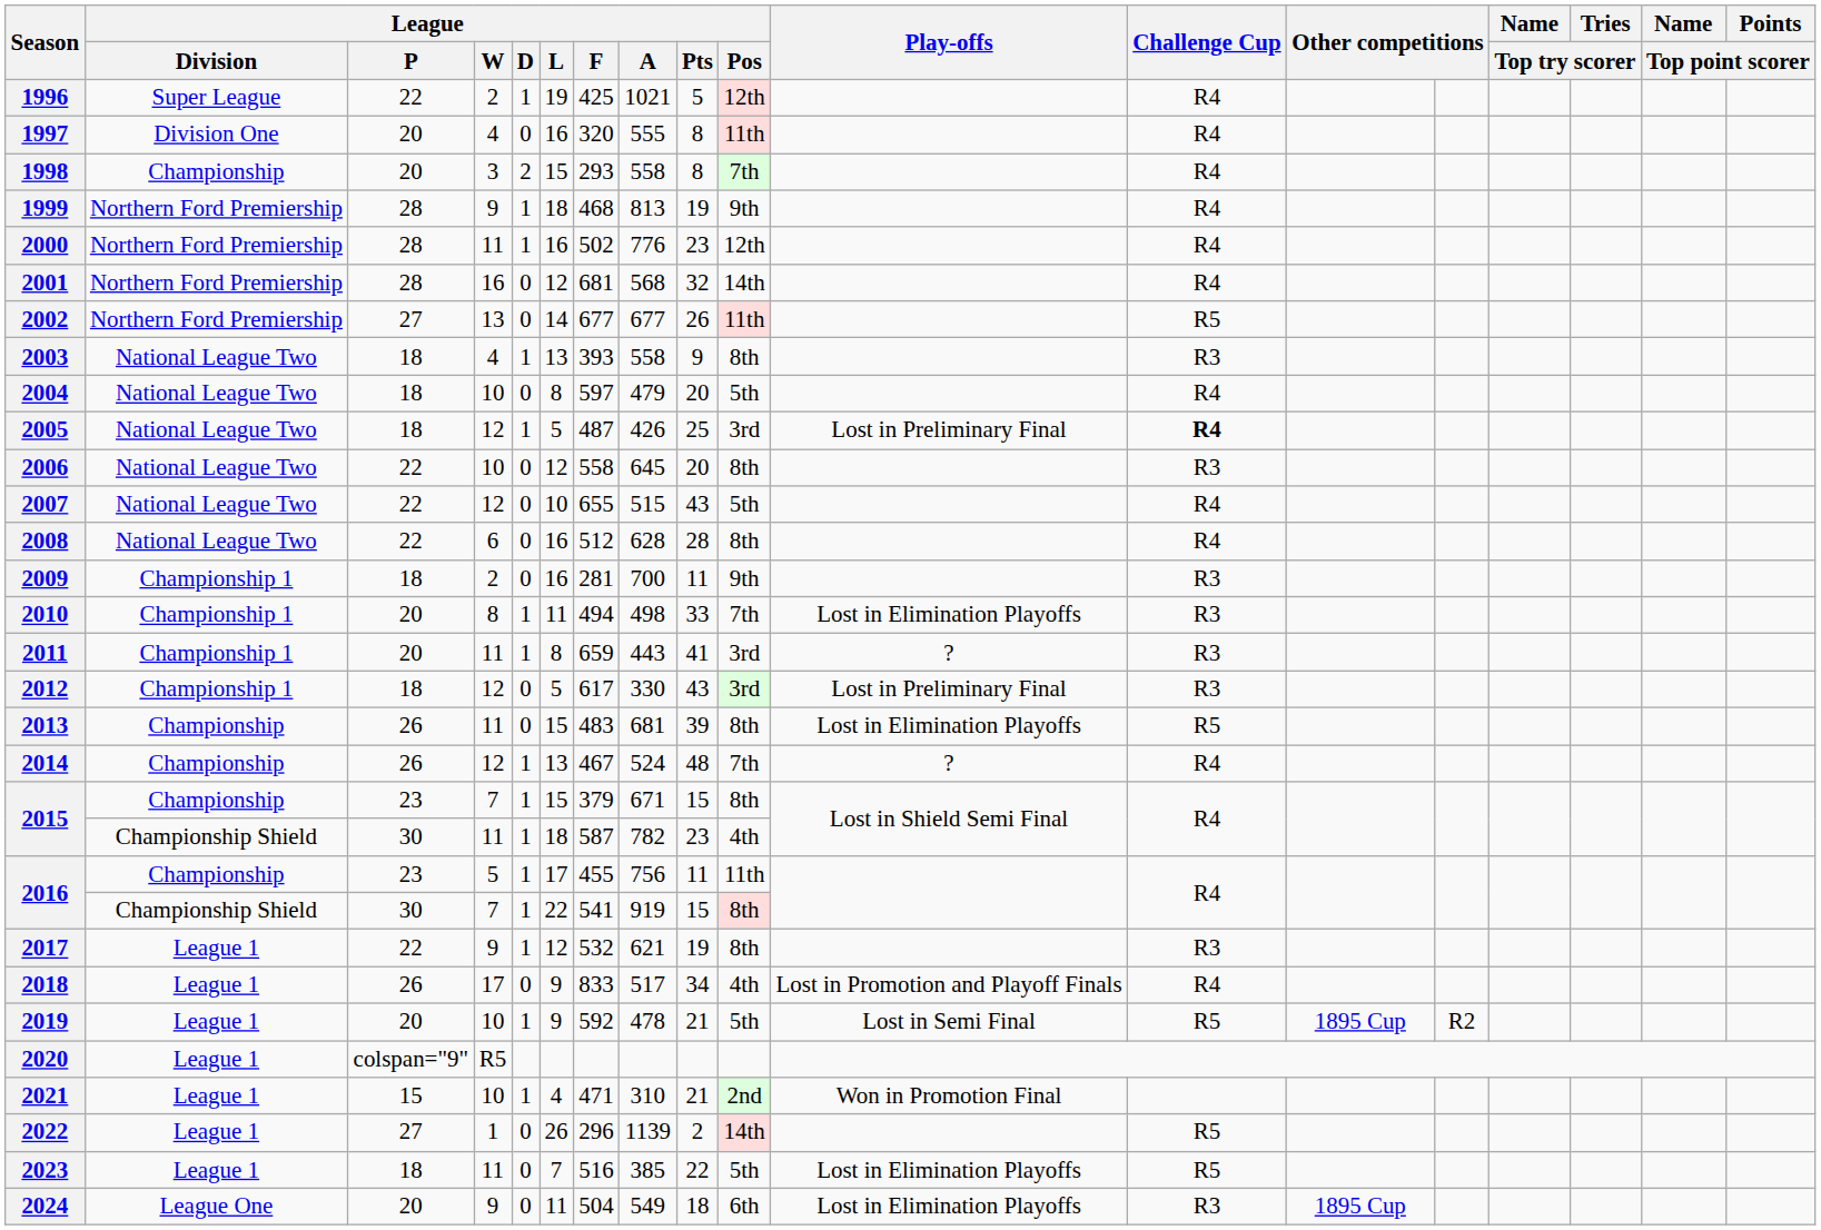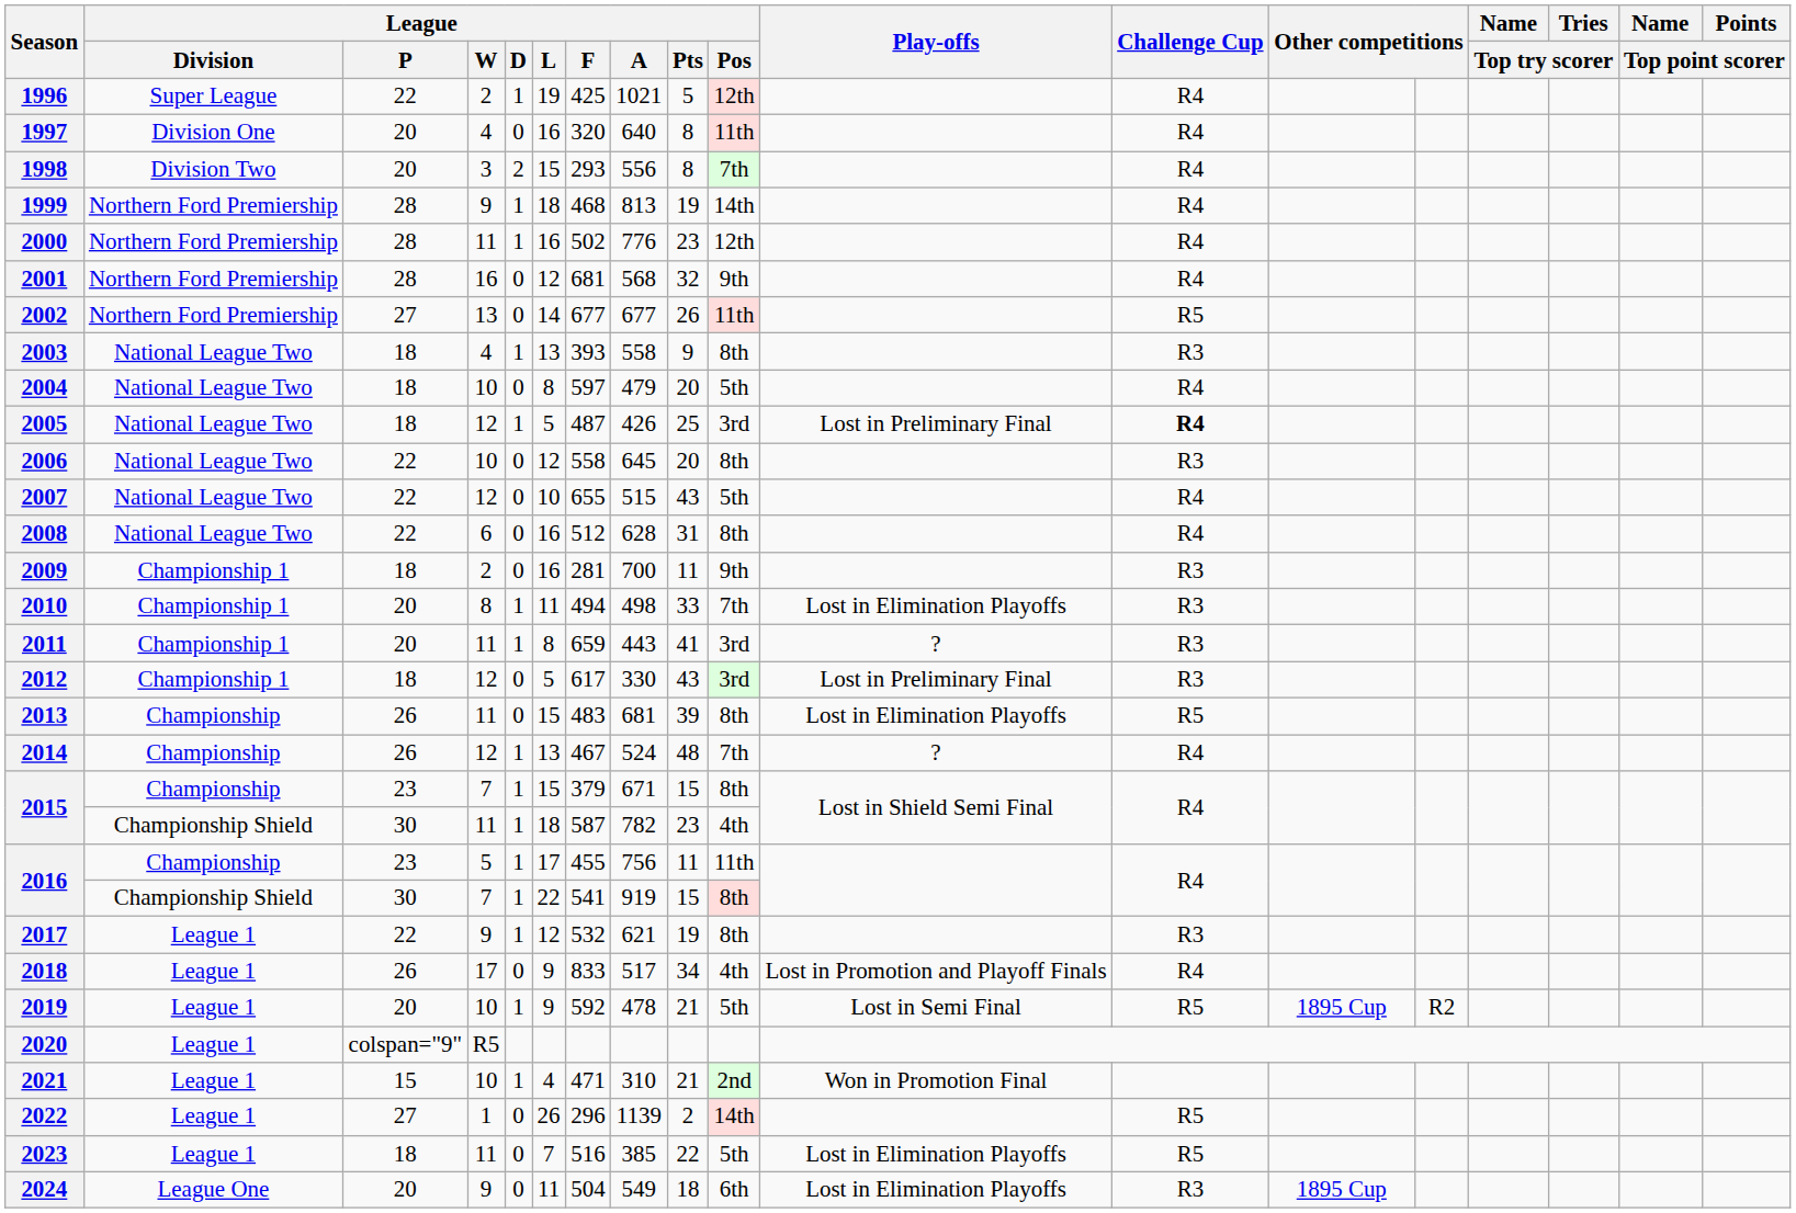 <table class="wikitable" style="text-align: center">
 <tr>
 <th rowspan="2" scope="col">Season</th>
 <th colspan="9" scope="col">League</th>
 <th rowspan="2" scope="col"><a href='#'>Play-offs</a></th>
 <th rowspan="2" scope="col"><a href='#'>Challenge Cup</a></th>
 <th colspan="2" rowspan="2" scope="col">Other competitions</th>
 <th scope="col">Name</th>
 <th scope="col">Tries</th>
 <th scope="col">Name</th>
 <th scope="col">Points</th>
 </tr>
 <tr>
 <th scope="col">Division</th>
 <th scope="col">P</th>
 <th scope="col">W</th>
 <th scope="col">D</th>
 <th scope="col">L</th>
 <th scope="col">F</th>
 <th scope="col">A</th>
 <th scope="col">Pts</th>
 <th scope="col">Pos</th>
 <th colspan="2" scope="col">Top try scorer</th>
 <th colspan="2" scope="col">Top point scorer</th>
 </tr>
 <tr>
 <th scope="row"><a href='#'>1996</a></th>
 <td><a href='#'>Super League</a></td>
 <td>22</td>
 <td>2</td>
 <td>1</td>
 <td>19</td>
 <td>425</td>
 <td>1021</td>
 <td>5</td>
 <td style="background:#ffdddd;">12th</td>
 <td></td>
 <td>R4</td>
 <td></td>
 <td></td>
 <td></td>
 <td></td>
 <td></td>
 <td></td>
 </tr>
 <tr>
 <th scope="row"><a href='#'>1997</a></th>
 <td><a href='#'>Division One</a></td>
 <td>20</td>
 <td>4</td>
 <td>0</td>
 <td>16</td>
 <td>320</td>
-<td>555</td>
+<td>640</td>
 <td>8</td>
 <td style="background:#ffdddd;">11th</td>
 <td></td>
 <td>R4</td>
 <td></td>
 <td></td>
 <td></td>
 <td></td>
 <td></td>
 <td></td>
 </tr>
 <tr>
 <th scope="row"><a href='#'>1998</a></th>
-<td><a href='#'>Championship</a></td>
+<td><a href='#'>Division Two</a></td>
 <td>20</td>
 <td>3</td>
 <td>2</td>
 <td>15</td>
 <td>293</td>
-<td>558</td>
+<td>556</td>
 <td>8</td>
 <td style="background:#ddffdd;">7th</td>
 <td></td>
 <td>R4</td>
 <td></td>
 <td></td>
 <td></td>
 <td></td>
 <td></td>
 <td></td>
 </tr>
 <tr>
 <th scope="row"><a href='#'>1999</a></th>
 <td><a href='#'>Northern Ford Premiership</a></td>
 <td>28</td>
 <td>9</td>
 <td>1</td>
 <td>18</td>
 <td>468</td>
 <td>813</td>
 <td>19</td>
-<td>9th</td>
+<td>14th</td>
 <td></td>
 <td>R4</td>
 <td></td>
 <td></td>
 <td></td>
 <td></td>
 <td></td>
 <td></td>
 </tr>
 <tr>
 <th scope="row"><a href='#'>2000</a></th>
 <td><a href='#'>Northern Ford Premiership</a></td>
 <td>28</td>
 <td>11</td>
 <td>1</td>
 <td>16</td>
 <td>502</td>
 <td>776</td>
 <td>23</td>
 <td>12th</td>
 <td></td>
 <td>R4</td>
 <td></td>
 <td></td>
 <td></td>
 <td></td>
 <td></td>
 <td></td>
 </tr>
 <tr>
 <th scope="row"><a href='#'>2001</a></th>
 <td><a href='#'>Northern Ford Premiership</a></td>
 <td>28</td>
 <td>16</td>
 <td>0</td>
 <td>12</td>
 <td>681</td>
 <td>568</td>
 <td>32</td>
-<td>14th</td>
+<td>9th</td>
 <td></td>
 <td>R4</td>
 <td></td>
 <td></td>
 <td></td>
 <td></td>
 <td></td>
 <td></td>
 </tr>
 <tr>
 <th scope="row"><a href='#'>2002</a></th>
 <td><a href='#'>Northern Ford Premiership</a></td>
 <td>27</td>
 <td>13</td>
 <td>0</td>
 <td>14</td>
 <td>677</td>
 <td>677</td>
 <td>26</td>
 <td style="background:#ffdddd;">11th</td>
 <td></td>
 <td>R5</td>
 <td></td>
 <td></td>
 <td></td>
 <td></td>
 <td></td>
 <td></td>
 </tr>
 <tr>
 <th scope="row"><a href='#'>2003</a></th>
 <td><a href='#'>National League Two</a></td>
 <td>18</td>
 <td>4</td>
 <td>1</td>
 <td>13</td>
 <td>393</td>
 <td>558</td>
 <td>9</td>
 <td>8th</td>
 <td></td>
 <td>R3</td>
 <td></td>
 <td></td>
 <td></td>
 <td></td>
 <td></td>
 <td></td>
 </tr>
 <tr>
 <th scope="row"><a href='#'>2004</a></th>
 <td><a href='#'>National League Two</a></td>
 <td>18</td>
 <td>10</td>
 <td>0</td>
 <td>8</td>
 <td>597</td>
 <td>479</td>
 <td>20</td>
 <td>5th</td>
 <td></td>
 <td>R4</td>
 <td></td>
 <td></td>
 <td></td>
 <td></td>
 <td></td>
 <td></td>
 </tr>
 <tr>
 <th scope="row"><a href='#'>2005</a></th>
 <td><a href='#'>National League Two</a></td>
 <td>18</td>
 <td>12</td>
 <td>1</td>
 <td>5</td>
 <td>487</td>
 <td>426</td>
 <td>25</td>
 <td>3rd</td>
 <td>Lost in Preliminary Final</td>
 <td><strong>R4</strong></td>
 <td></td>
 <td></td>
 <td></td>
 <td></td>
 <td></td>
 <td></td>
 </tr>
 <tr>
 <th scope="row"><a href='#'>2006</a></th>
 <td><a href='#'>National League Two</a></td>
 <td>22</td>
 <td>10</td>
 <td>0</td>
 <td>12</td>
 <td>558</td>
 <td>645</td>
 <td>20</td>
 <td>8th</td>
 <td></td>
 <td>R3</td>
 <td></td>
 <td></td>
 <td></td>
 <td></td>
 <td></td>
 <td></td>
 </tr>
 <tr>
 <th scope="row"><a href='#'>2007</a></th>
 <td><a href='#'>National League Two</a></td>
 <td>22</td>
 <td>12</td>
 <td>0</td>
 <td>10</td>
 <td>655</td>
 <td>515</td>
 <td>43</td>
 <td>5th</td>
 <td></td>
 <td>R4</td>
 <td></td>
 <td></td>
 <td></td>
 <td></td>
 <td></td>
 <td></td>
 </tr>
 <tr>
 <th scope="row"><a href='#'>2008</a></th>
 <td><a href='#'>National League Two</a></td>
 <td>22</td>
 <td>6</td>
 <td>0</td>
 <td>16</td>
 <td>512</td>
 <td>628</td>
-<td>28</td>
+<td>31</td>
 <td>8th</td>
 <td></td>
 <td>R4</td>
 <td></td>
 <td></td>
 <td></td>
 <td></td>
 <td></td>
 <td></td>
 </tr>
 <tr>
 <th scope="row"><a href='#'>2009</a></th>
 <td><a href='#'>Championship 1</a></td>
 <td>18</td>
 <td>2</td>
 <td>0</td>
 <td>16</td>
 <td>281</td>
 <td>700</td>
 <td>11</td>
 <td>9th</td>
 <td></td>
 <td>R3</td>
 <td></td>
 <td></td>
 <td></td>
 <td></td>
 <td></td>
 <td></td>
 </tr>
 <tr>
 <th scope="row"><a href='#'>2010</a></th>
 <td><a href='#'>Championship 1</a></td>
 <td>20</td>
 <td>8</td>
 <td>1</td>
 <td>11</td>
 <td>494</td>
 <td>498</td>
 <td>33</td>
 <td>7th</td>
 <td>Lost in Elimination Playoffs</td>
 <td>R3</td>
 <td></td>
 <td></td>
 <td></td>
 <td></td>
 <td></td>
 <td></td>
 </tr>
 <tr>
 <th scope="row"><a href='#'>2011</a></th>
 <td><a href='#'>Championship 1</a></td>
 <td>20</td>
 <td>11</td>
 <td>1</td>
 <td>8</td>
 <td>659</td>
 <td>443</td>
 <td>41</td>
 <td>3rd</td>
 <td>?</td>
 <td>R3</td>
 <td></td>
 <td></td>
 <td></td>
 <td></td>
 <td></td>
 <td></td>
 </tr>
 <tr>
 <th scope="row"><a href='#'>2012</a></th>
 <td><a href='#'>Championship 1</a></td>
 <td>18</td>
 <td>12</td>
 <td>0</td>
 <td>5</td>
 <td>617</td>
 <td>330</td>
 <td>43</td>
 <td style="background:#ddffdd;">3rd</td>
 <td>Lost in Preliminary Final</td>
 <td>R3</td>
 <td></td>
 <td></td>
 <td></td>
 <td></td>
 <td></td>
 <td></td>
 </tr>
 <tr>
 <th scope="row"><a href='#'>2013</a></th>
 <td><a href='#'>Championship</a></td>
 <td>26</td>
 <td>11</td>
 <td>0</td>
 <td>15</td>
 <td>483</td>
 <td>681</td>
 <td>39</td>
 <td>8th</td>
 <td>Lost in Elimination Playoffs</td>
 <td>R5</td>
 <td></td>
 <td></td>
 <td></td>
 <td></td>
 <td></td>
 <td></td>
 </tr>
 <tr>
 <th scope="row"><a href='#'>2014</a></th>
 <td><a href='#'>Championship</a></td>
 <td>26</td>
 <td>12</td>
 <td>1</td>
 <td>13</td>
 <td>467</td>
 <td>524</td>
 <td>48</td>
 <td>7th</td>
 <td>?</td>
 <td>R4</td>
 <td></td>
 <td></td>
 <td></td>
 <td></td>
 <td></td>
 <td></td>
 </tr>
 <tr>
 <th scope="row" rowspan="2"><a href='#'>2015</a></th>
 <td><a href='#'>Championship</a></td>
 <td>23</td>
 <td>7</td>
 <td>1</td>
 <td>15</td>
 <td>379</td>
 <td>671</td>
 <td>15</td>
 <td>8th</td>
 <td rowspan="2">Lost in Shield Semi Final</td>
 <td rowspan="2">R4</td>
 <td rowspan="2"></td>
 <td rowspan="2"></td>
 <td rowspan="2"></td>
 <td rowspan="2"></td>
 <td rowspan="2"></td>
 <td rowspan="2"></td>
 </tr>
 <tr>
 <td>Championship Shield</td>
 <td>30</td>
 <td>11</td>
 <td>1</td>
 <td>18</td>
 <td>587</td>
 <td>782</td>
 <td>23</td>
 <td>4th</td>
 </tr>
 <tr>
 <th scope="row" rowspan="2"><a href='#'>2016</a></th>
 <td><a href='#'>Championship</a></td>
 <td>23</td>
 <td>5</td>
 <td>1</td>
 <td>17</td>
 <td>455</td>
 <td>756</td>
 <td>11</td>
 <td>11th</td>
 <td rowspan="2"></td>
 <td rowspan="2">R4</td>
 <td rowspan="2"></td>
 <td rowspan="2"></td>
 <td rowspan="2"></td>
 <td rowspan="2"></td>
 <td rowspan="2"></td>
 <td rowspan="2"></td>
 </tr>
 <tr>
 <td>Championship Shield</td>
 <td>30</td>
 <td>7</td>
 <td>1</td>
 <td>22</td>
 <td>541</td>
 <td>919</td>
 <td>15</td>
 <td style="background:#ffdddd;">8th</td>
 </tr>
 <tr>
 <th scope="row"><a href='#'>2017</a></th>
 <td><a href='#'>League 1</a></td>
 <td>22</td>
 <td>9</td>
 <td>1</td>
 <td>12</td>
 <td>532</td>
 <td>621</td>
 <td>19</td>
 <td>8th</td>
 <td></td>
 <td>R3</td>
 <td></td>
 <td></td>
 <td></td>
 <td></td>
 <td></td>
 <td></td>
 </tr>
 <tr>
 <th scope="row"><a href='#'>2018</a></th>
 <td><a href='#'>League 1</a></td>
 <td>26</td>
 <td>17</td>
 <td>0</td>
 <td>9</td>
 <td>833</td>
 <td>517</td>
 <td>34</td>
 <td>4th</td>
 <td>Lost in Promotion and Playoff Finals</td>
 <td>R4</td>
 <td></td>
 <td></td>
 <td></td>
 <td></td>
 <td></td>
 <td></td>
 </tr>
 <tr>
 <th scope="row"><a href='#'>2019</a></th>
 <td><a href='#'>League 1</a></td>
 <td>20</td>
 <td>10</td>
 <td>1</td>
 <td>9</td>
 <td>592</td>
 <td>478</td>
 <td>21</td>
 <td>5th</td>
 <td>Lost in Semi Final</td>
 <td>R5</td>
 <td><a href='#'>1895 Cup</a></td>
 <td>R2</td>
 <td></td>
 <td></td>
 <td></td>
 <td></td>
 </tr>
 <tr>
 <th scope="row"><a href='#'>2020</a></th>
 <td><a href='#'>League 1</a></td>
 <td>colspan="9"</td>
 <td>R5</td>
 <td></td>
 <td></td>
 <td></td>
 <td></td>
 <td></td>
 <td></td>
 </tr>
 <tr>
 <th scope="row"><a href='#'>2021</a></th>
 <td><a href='#'>League 1</a></td>
 <td>15</td>
 <td>10</td>
 <td>1</td>
 <td>4</td>
 <td>471</td>
 <td>310</td>
 <td>21</td>
 <td style="background:#ddffdd;">2nd</td>
 <td>Won in Promotion Final</td>
 <td></td>
 <td></td>
 <td></td>
 <td></td>
 <td></td>
 <td></td>
 <td></td>
 </tr>
 <tr>
 <th scope="row"><a href='#'>2022</a></th>
 <td><a href='#'>League 1</a></td>
 <td>27</td>
 <td>1</td>
 <td>0</td>
 <td>26</td>
 <td>296</td>
 <td>1139</td>
 <td>2</td>
 <td style="background:#ffdddd;">14th</td>
 <td></td>
 <td>R5</td>
 <td></td>
 <td></td>
 <td></td>
 <td></td>
 <td></td>
 <td></td>
 </tr>
 <tr>
 <th scope="row"><a href='#'>2023</a></th>
 <td><a href='#'>League 1</a></td>
 <td>18</td>
 <td>11</td>
 <td>0</td>
 <td>7</td>
 <td>516</td>
 <td>385</td>
 <td>22</td>
 <td>5th</td>
 <td>Lost in Elimination Playoffs</td>
 <td>R5</td>
 <td></td>
 <td></td>
 <td></td>
 <td></td>
 <td></td>
 <td></td>
 </tr>
 <tr>
 <th scope="row"><a href='#'>2024</a></th>
 <td><a href='#'>League One</a></td>
 <td>20</td>
 <td>9</td>
 <td>0</td>
 <td>11</td>
 <td>504</td>
 <td>549</td>
 <td>18</td>
 <td>6th</td>
 <td>Lost in Elimination Playoffs</td>
 <td>R3</td>
 <td><a href='#'>1895 Cup</a></td>
 <td></td>
 <td></td>
 <td></td>
 <td></td>
 <td></td>
 </tr>
 </table>
